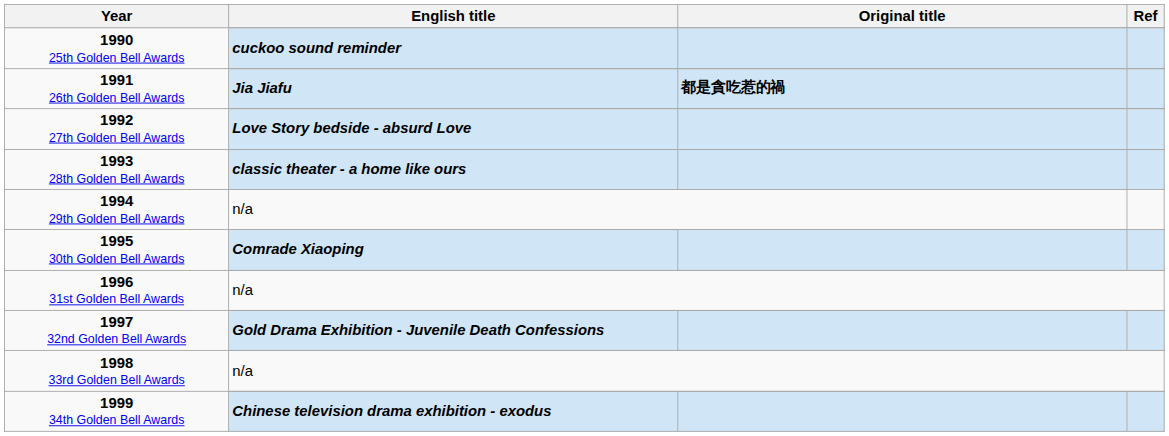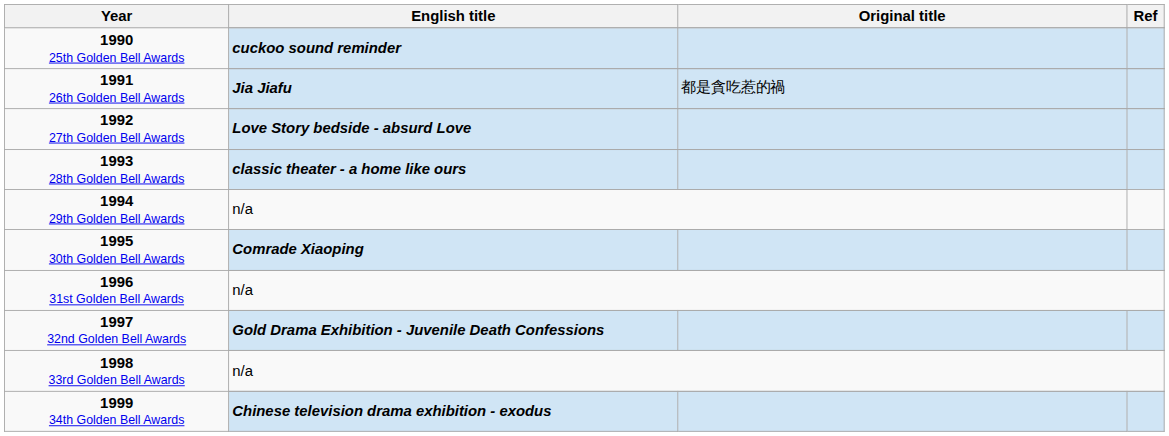 <table class="wikitable">
 <tr style="background:#bebebe;">
 <th style="width:15%;">Year</th>
 <th style="width:30%;">English title</th>
 <th style="width:30%;">Original title</th>
 <th style="width:2%;">Ref</th>
 </tr>
 <tr>
 <td rowspan=2 style="text-align:center"><strong>1990</strong> <br> <small><a href='#'>25th Golden Bell Awards</a></small></td>
 </tr>
 <tr rowspan=2 style="background:#d0e5f5">
 <td><strong><em>cuckoo sound reminder</em></strong></td>
 <td></td>
 <td></td>
 </tr>
 <tr>
 <td rowspan=2 style="text-align:center"><strong>1991</strong> <br> <small><a href='#'>26th Golden Bell Awards</a></small></td>
 </tr>
 <tr rowspan=2 style="background:#d0e5f5">
 <td><strong><em>Jia Jiafu</em></strong></td>
-<td><strong>都是貪吃惹的禍</strong></td>
+<td>都是貪吃惹的禍</td>
 <td></td>
 </tr>
 <tr>
 <td rowspan=2 style="text-align:center"><strong>1992</strong> <br> <small><a href='#'>27th Golden Bell Awards</a></small></td>
 </tr>
 <tr rowspan=2 style="background:#d0e5f5">
 <td><strong><em>Love Story bedside - absurd Love</em></strong></td>
 <td></td>
 <td></td>
 </tr>
 <tr>
 <td rowspan=2 style="text-align:center"><strong>1993</strong> <br> <small><a href='#'>28th Golden Bell Awards</a></small></td>
 </tr>
 <tr rowspan=2 style="background:#d0e5f5">
 <td><strong><em>classic theater - a home like ours</em></strong></td>
 <td></td>
 <td></td>
 </tr>
 <tr>
 <td rowspan=2 style="text-align:center"><strong>1994</strong> <br> <small><a href='#'>29th Golden Bell Awards</a></small></td>
 </tr>
 <tr rowspan=2>
 <td colspan=2>n/a </td>
 </tr>
 <tr>
 <td rowspan=2 style="text-align:center"><strong>1995</strong> <br> <small><a href='#'>30th Golden Bell Awards</a></small></td>
 </tr>
 <tr rowspan=2 style="background:#d0e5f5">
 <td><strong><em>Comrade Xiaoping</em></strong></td>
 <td></td>
 <td></td>
 </tr>
 <tr>
 <td rowspan=2 style="text-align:center"><strong>1996</strong> <br> <small><a href='#'>31st Golden Bell Awards</a></small></td>
 </tr>
 <tr rowspan=2>
 <td colspan=3>n/a </td>
 </tr>
 <tr>
 <td rowspan=2 style="text-align:center"><strong>1997</strong> <br> <small><a href='#'>32nd Golden Bell Awards</a></small></td>
 </tr>
 <tr rowspan=2 style="background:#d0e5f5">
 <td><strong><em>Gold Drama Exhibition - Juvenile Death Confessions</em></strong></td>
 <td></td>
 <td></td>
 </tr>
 <tr>
 <td rowspan=2 style="text-align:center"><strong>1998</strong> <br> <small><a href='#'>33rd Golden Bell Awards</a></small></td>
 </tr>
 <tr rowspan=2>
 <td colspan=3>n/a </td>
 </tr>
 <tr>
 <td rowspan=2 style="text-align:center"><strong>1999</strong> <br> <small><a href='#'>34th Golden Bell Awards</a></small></td>
 </tr>
 <tr rowspan=2 style="background:#d0e5f5">
 <td><strong><em>Chinese television drama exhibition - exodus</em></strong></td>
 <td></td>
 <td></td>
 </tr>
 </table>
